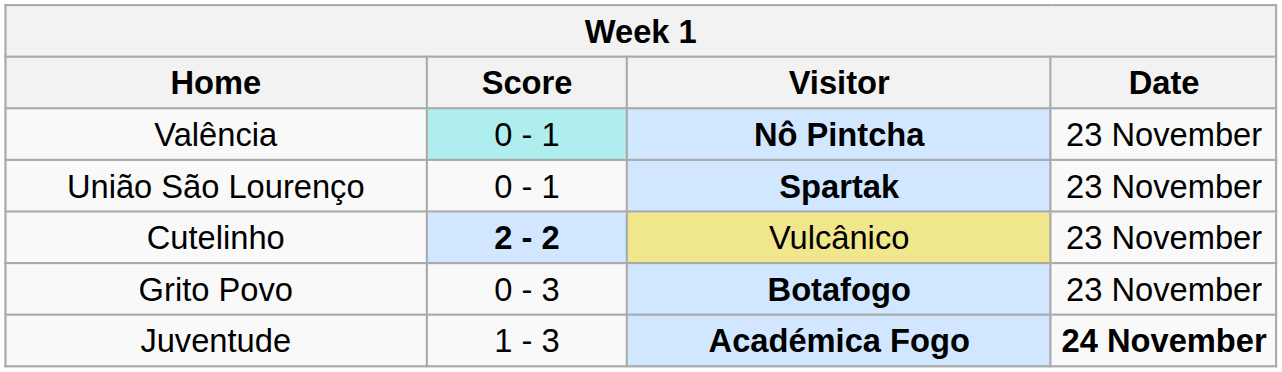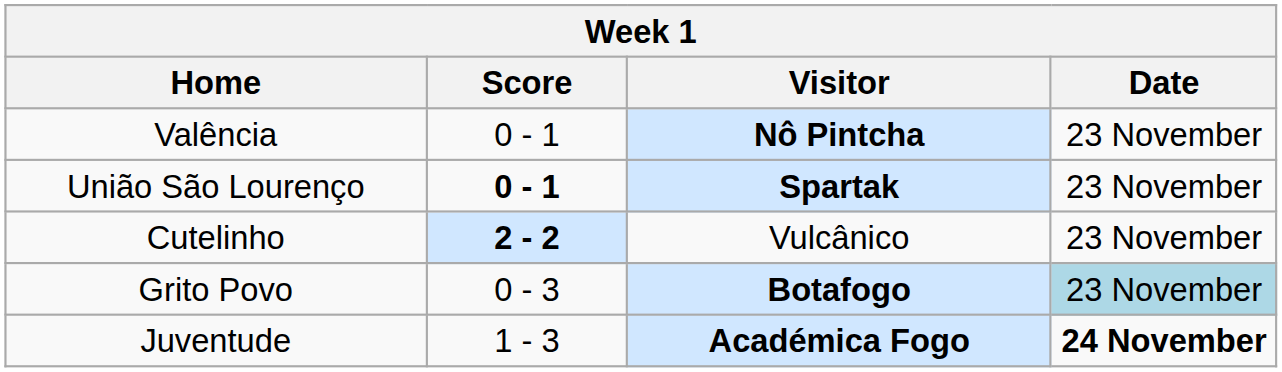 <table class="wikitable" style="margin:1em auto; font-size:95%; text-align: center; width: 95%;">
 <tr>
 <th colspan="12"  style="with:100%; text-align:center;">Week 1</th>
 </tr>
 <tr>
 <th style="width:200px;">Home</th>
 <th width="90">Score</th>
 <th style="width:200px;">Visitor</th>
 <th style="width:100px;">Date</th>
 </tr>
 <tr align=center>
 <td>Valência</td>
-<td style="background: paleturquoise;">0 - 1</td>
+<td>0 - 1</td>
 <td style="background:#d0e7ff;"><strong>Nô Pintcha</strong></td>
 <td>23 November</td>
 </tr>
 <tr align=center>
 <td>União São Lourenço</td>
-<td>0 - 1</td>
+<td><strong>0 - 1</strong></td>
 <td style="background:#d0e7ff;"><strong>Spartak</strong></td>
 <td>23 November</td>
 </tr>
 <tr align=center>
 <td>Cutelinho</td>
 <td style="background:#d0e7ff;"><strong>2 - 2</strong></td>
-<td style="background: khaki;">Vulcânico</td>
+<td>Vulcânico</td>
 <td>23 November</td>
 </tr>
 <tr align=center>
 <td>Grito Povo</td>
 <td>0 - 3</td>
 <td style="background:#d0e7ff;"><strong>Botafogo</strong></td>
-<td>23 November</td>
+<td style="background: lightblue;">23 November</td>
 </tr>
 <tr align=center>
 <td>Juventude</td>
 <td>1 - 3</td>
 <td style="background:#d0e7ff;"><strong>Académica Fogo</strong></td>
 <td><strong>24 November</strong></td>
 </tr>
 </table>
